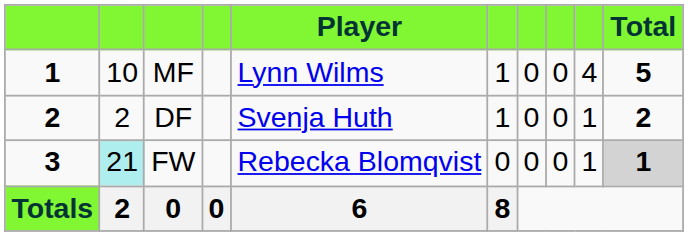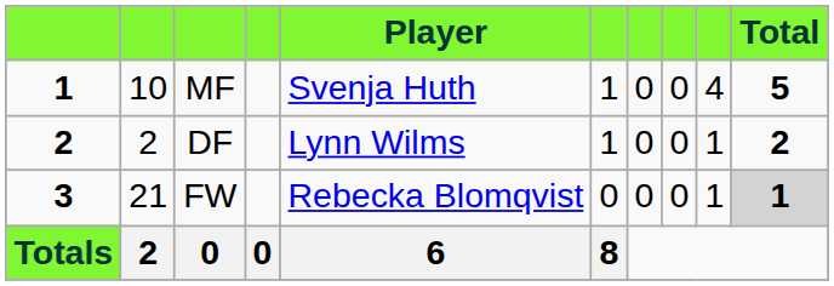 <table class="wikitable" style="text-align:center;">
 <tr>
 <th style="background:#81F733; color:#003333; "></th>
 <th style="background:#81F733; color:#003333; "></th>
 <th style="background:#81F733; color:#003333; "></th>
 <th style="background:#81F733; color:#003333; "></th>
 <th style="background:#81F733; color:#003333; ">Player</th>
 <th style="background:#81F733; color:#003333; "></th>
 <th style="background:#81F733; color:#003333; "></th>
 <th style="background:#81F733; color:#003333; "></th>
 <th style="background:#81F733; color:#003333; "></th>
 <th style="background:#81F733; color:#003333; ">Total</th>
 </tr>
 <tr>
 <td><strong>1</strong></td>
 <td>10</td>
 <td>MF</td>
 <td></td>
-<td align="left"><a href='#'>Lynn Wilms</a></td>
+<td align="left"><a href='#'>Svenja Huth</a></td>
 <td>1</td>
 <td>0</td>
 <td>0</td>
 <td>4</td>
 <td><strong>5</strong></td>
 </tr>
 <tr>
 <td><strong>2</strong></td>
 <td>2</td>
 <td>DF</td>
 <td></td>
-<td align="left"><a href='#'>Svenja Huth</a></td>
+<td align="left"><a href='#'>Lynn Wilms</a></td>
 <td>1</td>
 <td>0</td>
 <td>0</td>
 <td>1</td>
 <td><strong>2</strong></td>
 </tr>
 <tr>
 <td><strong>3</strong></td>
-<td style="background: paleturquoise;">21</td>
+<td>21</td>
 <td>FW</td>
 <td></td>
 <td align="left"><a href='#'>Rebecka Blomqvist</a></td>
 <td>0</td>
 <td>0</td>
 <td>0</td>
 <td>1</td>
 <td style="background: lightgrey;"><strong>1</strong></td>
 </tr>
 <tr>
 <th style="background:#81F733; color:#003333; ">Totals</th>
 <th>2</th>
 <th>0</th>
 <th>0</th>
 <th>6</th>
 <th>8</th>
 </tr>
 </table>
